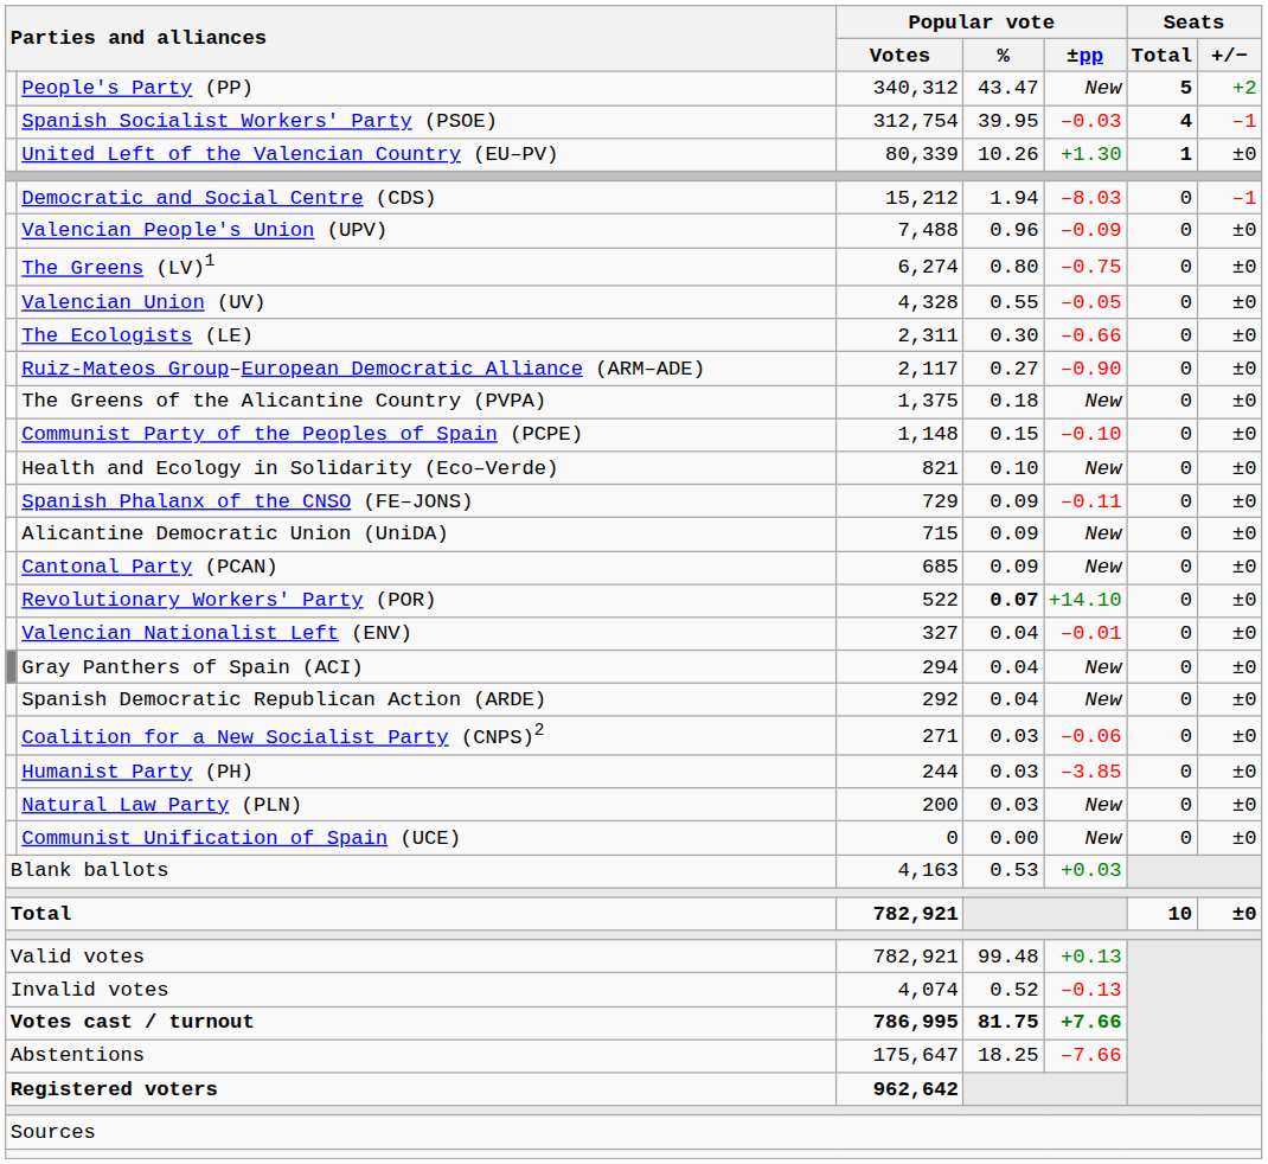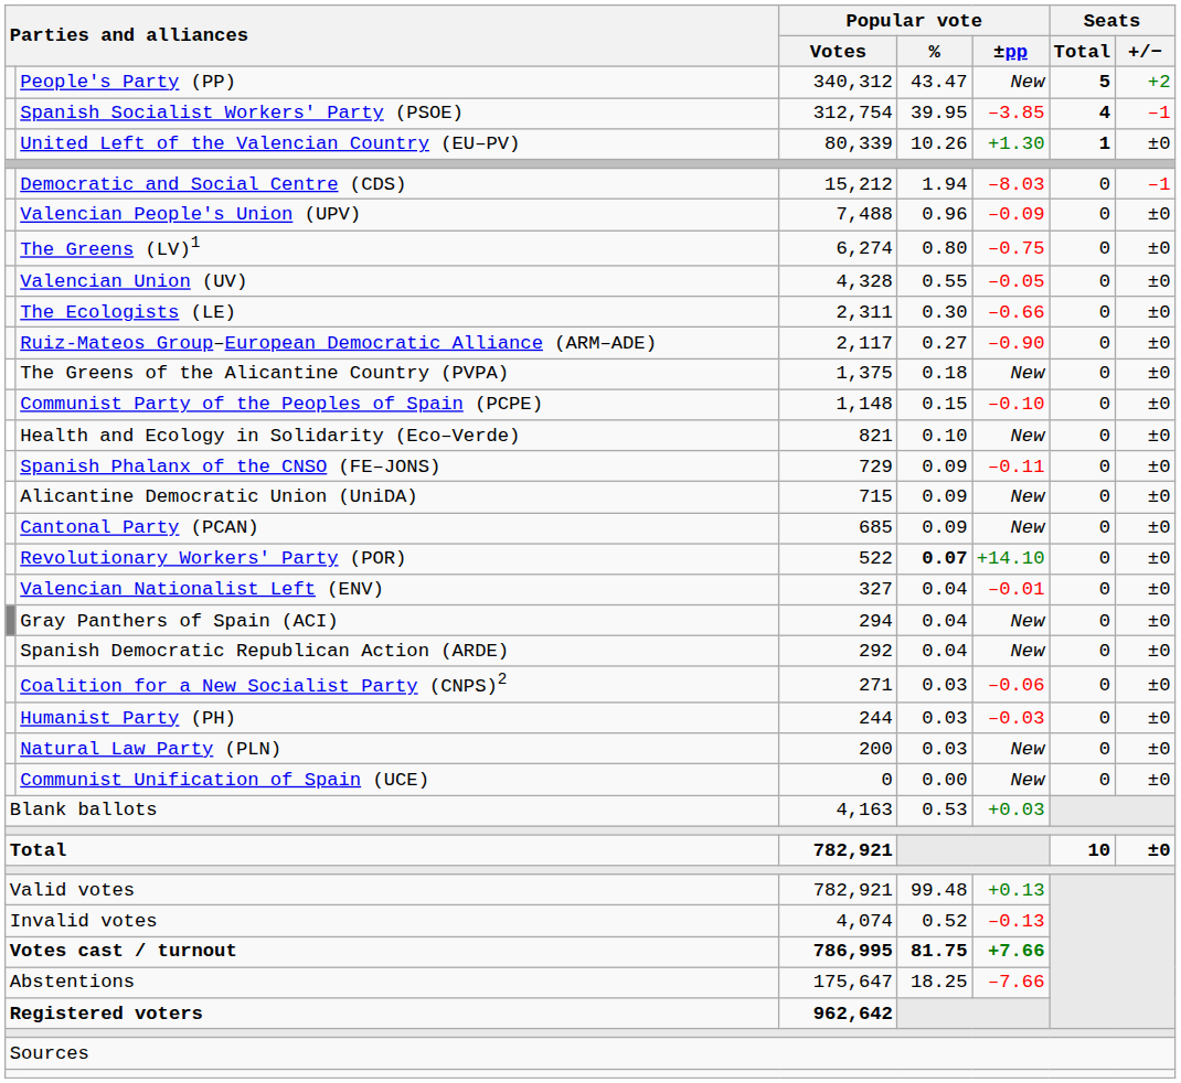 <table class="wikitable" style="text-align:right;">
 <tr>
 <th style="text-align:left;" rowspan="2" colspan="2" width="525">Parties and alliances</th>
 <th colspan="3">Popular vote</th>
 <th colspan="2">Seats</th>
 </tr>
 <tr>
 <th width="75">Votes</th>
 <th width="45">%</th>
 <th width="45">±<a href='#'>pp</a></th>
 <th width="35">Total</th>
 <th width="35">+/−</th>
 </tr>
 <tr>
 <td width="1" style="color:inherit;background:"></td>
 <td align="left"><a href='#'>People's Party</a> (PP)</td>
 <td>340,312</td>
 <td>43.47</td>
 <td><em>New</em></td>
 <td><strong>5</strong></td>
 <td style="color:green;">+2</td>
 </tr>
 <tr>
 <td style="color:inherit;background:"></td>
 <td align="left"><a href='#'>Spanish Socialist Workers' Party</a> (PSOE)</td>
 <td>312,754</td>
 <td>39.95</td>
-<td style="color:red;">–0.03</td>
+<td style="color:red;">–3.85</td>
 <td><strong>4</strong></td>
 <td style="color:red;">–1</td>
 </tr>
 <tr>
 <td style="color:inherit;background:"></td>
 <td align="left"><a href='#'>United Left of the Valencian Country</a> (EU–PV)</td>
 <td>80,339</td>
 <td>10.26</td>
 <td style="color:green;">+1.30</td>
 <td><strong>1</strong></td>
 <td>±0</td>
 </tr>
 <tr>
 <td colspan="7" bgcolor="#C0C0C0"></td>
 </tr>
 <tr>
 <td style="color:inherit;background:"></td>
 <td align="left"><a href='#'>Democratic and Social Centre</a> (CDS)</td>
 <td>15,212</td>
 <td>1.94</td>
 <td style="color:red;">–8.03</td>
 <td>0</td>
 <td style="color:red;">–1</td>
 </tr>
 <tr>
 <td style="color:inherit;background:"></td>
 <td align="left"><a href='#'>Valencian People's Union</a> (UPV)</td>
 <td>7,488</td>
 <td>0.96</td>
 <td style="color:red;">–0.09</td>
 <td>0</td>
 <td>±0</td>
 </tr>
 <tr>
 <td style="color:inherit;background:"></td>
 <td align="left"><a href='#'>The Greens</a> (LV)<sup>1</sup></td>
 <td>6,274</td>
 <td>0.80</td>
 <td style="color:red;">–0.75</td>
 <td>0</td>
 <td>±0</td>
 </tr>
 <tr>
 <td style="color:inherit;background:"></td>
 <td align="left"><a href='#'>Valencian Union</a> (UV)</td>
 <td>4,328</td>
 <td>0.55</td>
 <td style="color:red;">–0.05</td>
 <td>0</td>
 <td>±0</td>
 </tr>
 <tr>
 <td style="color:inherit;background:"></td>
 <td align="left"><a href='#'>The Ecologists</a> (LE)</td>
 <td>2,311</td>
 <td>0.30</td>
 <td style="color:red;">–0.66</td>
 <td>0</td>
 <td>±0</td>
 </tr>
 <tr>
 <td style="color:inherit;background:"></td>
 <td align="left"><a href='#'>Ruiz-Mateos Group</a>–<a href='#'>European Democratic Alliance</a> (ARM–ADE)</td>
 <td>2,117</td>
 <td>0.27</td>
 <td style="color:red;">–0.90</td>
 <td>0</td>
 <td>±0</td>
 </tr>
 <tr>
 <td bgcolor="white"></td>
 <td align="left">The Greens of the Alicantine Country (PVPA)</td>
 <td>1,375</td>
 <td>0.18</td>
 <td><em>New</em></td>
 <td>0</td>
 <td>±0</td>
 </tr>
 <tr>
 <td style="color:inherit;background:"></td>
 <td align="left"><a href='#'>Communist Party of the Peoples of Spain</a> (PCPE)</td>
 <td>1,148</td>
 <td>0.15</td>
 <td style="color:red;">–0.10</td>
 <td>0</td>
 <td>±0</td>
 </tr>
 <tr>
 <td bgcolor="white"></td>
 <td align="left">Health and Ecology in Solidarity (Eco–Verde)</td>
 <td>821</td>
 <td>0.10</td>
 <td><em>New</em></td>
 <td>0</td>
 <td>±0</td>
 </tr>
 <tr>
 <td style="color:inherit;background:"></td>
 <td align="left"><a href='#'>Spanish Phalanx of the CNSO</a> (FE–JONS)</td>
 <td>729</td>
 <td>0.09</td>
 <td style="color:red;">–0.11</td>
 <td>0</td>
 <td>±0</td>
 </tr>
 <tr>
 <td bgcolor="white"></td>
 <td align="left">Alicantine Democratic Union (UniDA)</td>
 <td>715</td>
 <td>0.09</td>
 <td><em>New</em></td>
 <td>0</td>
 <td>±0</td>
 </tr>
 <tr>
 <td style="color:inherit;background:"></td>
 <td align="left"><a href='#'>Cantonal Party</a> (PCAN)</td>
 <td>685</td>
 <td>0.09</td>
 <td><em>New</em></td>
 <td>0</td>
 <td>±0</td>
 </tr>
 <tr>
 <td style="color:inherit;background:"></td>
 <td align="left"><a href='#'>Revolutionary Workers' Party</a> (POR)</td>
 <td>522</td>
 <td><strong>0.07</strong></td>
 <td style="color:green;">+14.10</td>
 <td>0</td>
 <td>±0</td>
 </tr>
 <tr>
 <td style="color:inherit;background:"></td>
 <td align="left"><a href='#'>Valencian Nationalist Left</a> (ENV)</td>
 <td>327</td>
 <td>0.04</td>
 <td style="color:red;">–0.01</td>
 <td>0</td>
 <td>±0</td>
 </tr>
 <tr>
 <td bgcolor="gray"></td>
 <td align="left">Gray Panthers of Spain (ACI)</td>
 <td>294</td>
 <td>0.04</td>
 <td><em>New</em></td>
 <td>0</td>
 <td>±0</td>
 </tr>
 <tr>
 <td style="color:inherit;background:"></td>
 <td align="left">Spanish Democratic Republican Action (ARDE)</td>
 <td>292</td>
 <td>0.04</td>
 <td><em>New</em></td>
 <td>0</td>
 <td>±0</td>
 </tr>
 <tr>
 <td style="color:inherit;background:"></td>
 <td align="left"><a href='#'>Coalition for a New Socialist Party</a> (CNPS)<sup>2</sup></td>
 <td>271</td>
 <td>0.03</td>
 <td style="color:red;">–0.06</td>
 <td>0</td>
 <td>±0</td>
 </tr>
 <tr>
 <td style="color:inherit;background:"></td>
 <td align="left"><a href='#'>Humanist Party</a> (PH)</td>
 <td>244</td>
 <td>0.03</td>
-<td style="color:red;">–3.85</td>
+<td style="color:red;">–0.03</td>
 <td>0</td>
 <td>±0</td>
 </tr>
 <tr>
 <td style="color:inherit;background:"></td>
 <td align="left"><a href='#'>Natural Law Party</a> (PLN)</td>
 <td>200</td>
 <td>0.03</td>
 <td><em>New</em></td>
 <td>0</td>
 <td>±0</td>
 </tr>
 <tr>
 <td style="color:inherit;background:"></td>
 <td align="left"><a href='#'>Communist Unification of Spain</a> (UCE)</td>
 <td>0</td>
 <td>0.00</td>
 <td><em>New</em></td>
 <td>0</td>
 <td>±0</td>
 </tr>
 <tr>
 <td align="left" colspan="2">Blank ballots</td>
 <td>4,163</td>
 <td>0.53</td>
 <td style="color:green;">+0.03</td>
 <td bgcolor="#E9E9E9" colspan="2"></td>
 </tr>
 <tr>
 <td colspan="7" bgcolor="#E9E9E9"></td>
 </tr>
 <tr style="font-weight:bold;">
 <td align="left" colspan="2">Total</td>
 <td>782,921</td>
 <td bgcolor="#E9E9E9" colspan="2"></td>
 <td>10</td>
 <td>±0</td>
 </tr>
 <tr>
 <td colspan="7" bgcolor="#E9E9E9"></td>
 </tr>
 <tr>
 <td align="left" colspan="2">Valid votes</td>
 <td>782,921</td>
 <td>99.48</td>
 <td style="color:green;">+0.13</td>
 <td bgcolor="#E9E9E9" colspan="2" rowspan="5"></td>
 </tr>
 <tr>
 <td align="left" colspan="2">Invalid votes</td>
 <td>4,074</td>
 <td>0.52</td>
 <td style="color:red;">–0.13</td>
 </tr>
 <tr style="font-weight:bold;">
 <td align="left" colspan="2">Votes cast / turnout</td>
 <td>786,995</td>
 <td>81.75</td>
 <td style="color:green;">+7.66</td>
 </tr>
 <tr>
 <td align="left" colspan="2">Abstentions</td>
 <td>175,647</td>
 <td>18.25</td>
 <td style="color:red;">–7.66</td>
 </tr>
 <tr style="font-weight:bold;">
 <td align="left" colspan="2">Registered voters</td>
 <td>962,642</td>
 <td bgcolor="#E9E9E9" colspan="2"></td>
 </tr>
 <tr>
 <td colspan="7" bgcolor="#E9E9E9"></td>
 </tr>
 <tr>
 <td align="left" colspan="7">Sources</td>
 </tr>
 <tr>
 <td colspan="7" style="text-align:left; max-width:790px;"></td>
 </tr>
 </table>
